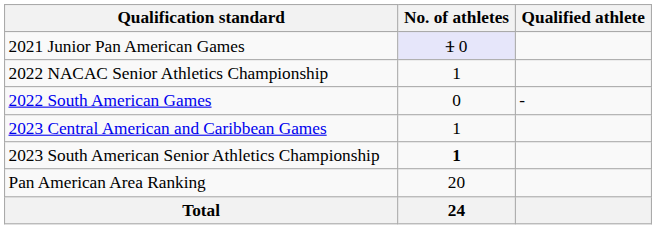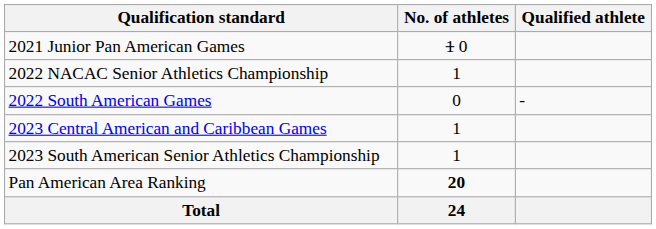 <table class="wikitable" style="text-align:left; width:600px;">
 <tr>
 <th>Qualification standard</th>
 <th>No. of athletes</th>
 <th>Qualified athlete</th>
 </tr>
 <tr>
 <td>2021 Junior Pan American Games</td>
-<td align=center style="background: lavender;"><s>1</s> 0</td>
+<td align=center><s>1</s> 0</td>
 <td><s></s></td>
 </tr>
 <tr>
 <td>2022 NACAC Senior Athletics Championship</td>
 <td align=center>1</td>
 <td></td>
 </tr>
 <tr>
 <td><a href='#'>2022 South American Games</a></td>
 <td align=center>0</td>
 <td>-</td>
 </tr>
 <tr>
 <td><a href='#'>2023 Central American and Caribbean Games</a></td>
 <td align=center>1</td>
 <td></td>
 </tr>
 <tr>
 <td>2023 South American Senior Athletics Championship</td>
-<td align=center><strong>1</strong></td>
+<td align=center>1</td>
 <td></td>
 </tr>
 <tr>
 <td>Pan American Area Ranking</td>
-<td align=center>20</td>
+<td align=center><strong>20</strong></td>
 <td></td>
 </tr>
 <tr>
 <th>Total</th>
 <th>24</th>
 <th colspan=2></th>
 </tr>
 </table>
